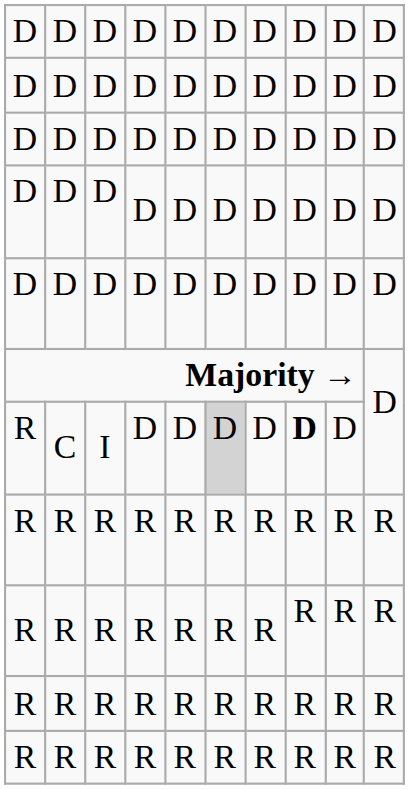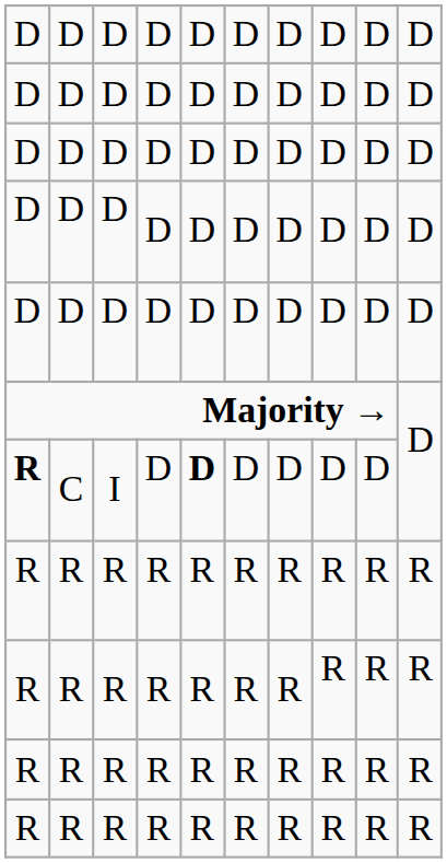 <table class="wikitable"  style="text-align:center;">
 <tr>
 <td>D</td>
 <td>D</td>
 <td>D</td>
 <td>D</td>
 <td>D</td>
 <td>D</td>
 <td>D</td>
 <td>D</td>
 <td>D</td>
 <td>D</td>
 </tr>
 <tr>
 <td width=10% >D</td>
 <td width=10% >D</td>
 <td width=10% >D</td>
 <td width=10% >D</td>
 <td width=10% >D</td>
 <td width=10% >D</td>
 <td width=10% >D</td>
 <td width=10% >D</td>
 <td width=10% >D</td>
 <td width=10% >D</td>
 </tr>
 <tr>
 <td>D</td>
 <td>D</td>
 <td>D</td>
 <td>D</td>
 <td>D</td>
 <td>D</td>
 <td>D</td>
 <td>D</td>
 <td>D</td>
 <td>D</td>
 </tr>
 <tr>
 <td>D<br><br></td>
 <td>D<br><br></td>
 <td>D<br><br></td>
 <td>D</td>
 <td>D</td>
 <td>D</td>
 <td>D</td>
 <td>D</td>
 <td>D</td>
 <td>D</td>
 </tr>
 <tr>
 <td>D<br><br></td>
 <td>D<br><br></td>
 <td>D<br><br></td>
 <td>D<br><br></td>
 <td>D<br><br></td>
 <td>D<br><br></td>
 <td>D<br><br></td>
 <td>D<br><br></td>
 <td>D<br><br></td>
 <td>D<br><br></td>
 </tr>
 <tr>
 <td colspan="9" style="text-align:right;"><strong>Majority →</strong></td>
 <td rowspan=2 >D<br><br></td>
 </tr>
 <tr>
-<td>R<br><br></td>
+<td><strong>R<br><br></strong></td>
 <td>C</td>
 <td>I</td>
 <td>D<br><br></td>
+<td><strong>D<br><br></strong></td>
 <td>D<br><br></td>
-<td style="background: lightgrey;">D<br><br></td>
 <td>D<br><br></td>
-<td><strong>D<br><br></strong></td>
+<td>D<br><br></td>
 <td>D<br><br></td>
 </tr>
 <tr>
 <td>R<br><br></td>
 <td>R<br><br></td>
 <td>R<br><br></td>
 <td>R<br><br></td>
 <td>R<br><br></td>
 <td>R<br><br></td>
 <td>R<br><br></td>
 <td>R<br><br></td>
 <td>R<br><br></td>
 <td>R<br><br></td>
 </tr>
 <tr>
 <td>R</td>
 <td>R</td>
 <td>R</td>
 <td>R</td>
 <td>R</td>
 <td>R</td>
 <td>R</td>
 <td>R<br><br></td>
 <td>R<br><br></td>
 <td>R<br><br></td>
 </tr>
 <tr>
 <td>R</td>
 <td>R</td>
 <td>R</td>
 <td>R</td>
 <td>R</td>
 <td>R</td>
 <td>R</td>
 <td>R</td>
 <td>R</td>
 <td>R</td>
 </tr>
 <tr>
 <td>R</td>
 <td>R</td>
 <td>R</td>
 <td>R</td>
 <td>R</td>
 <td>R</td>
 <td>R</td>
 <td>R</td>
 <td>R</td>
 <td>R</td>
 </tr>
 </table>
